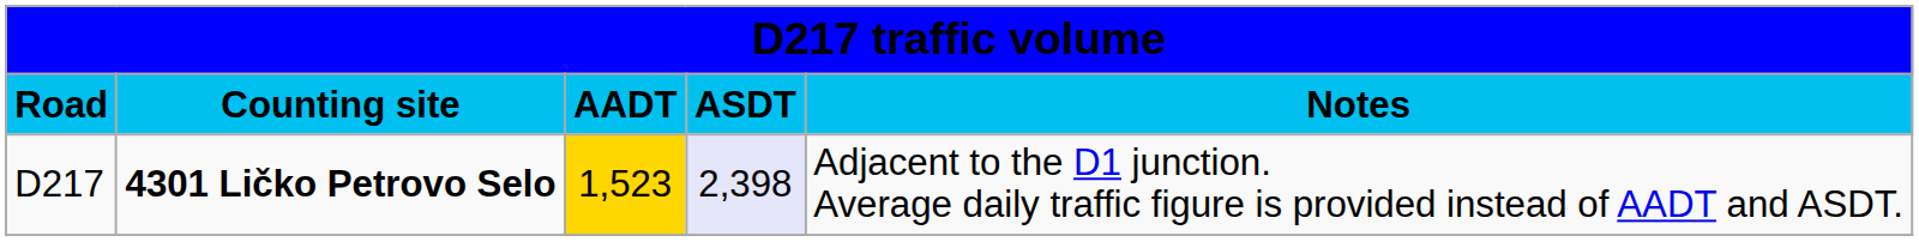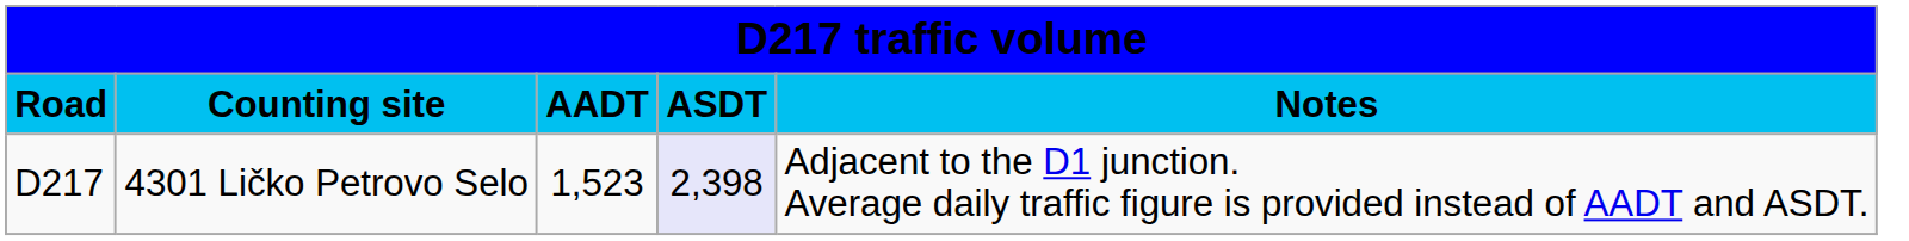 <table class="wikitable">
 <tr>
 <td colspan=5 bgcolor=blue align=center style=margin-top:15><span><big><strong>D217 traffic volume</strong></big></span></td>
 </tr>
 <tr>
 <td align=center bgcolor=00c0f0><strong>Road</strong></td>
 <td align=center bgcolor=00c0f0><strong>Counting site</strong></td>
 <td align=center bgcolor=00c0f0><strong>AADT</strong></td>
 <td align=center bgcolor=00c0f0><strong>ASDT</strong></td>
 <td align=center bgcolor=00c0f0><strong>Notes</strong></td>
 </tr>
 <tr>
 <td> D217</td>
-<td><strong>4301 Ličko Petrovo Selo</strong></td>
-<td align=center style="background: gold;">1,523</td>
+<td>4301 Ličko Petrovo Selo</td>
+<td align=center>1,523</td>
 <td align=center style="background: lavender;">2,398</td>
 <td>Adjacent to the <a href='#'>D1</a> junction.<br>Average daily traffic figure is provided instead of <a href='#'>AADT</a> and ASDT.</td>
 </tr>
 </table>
